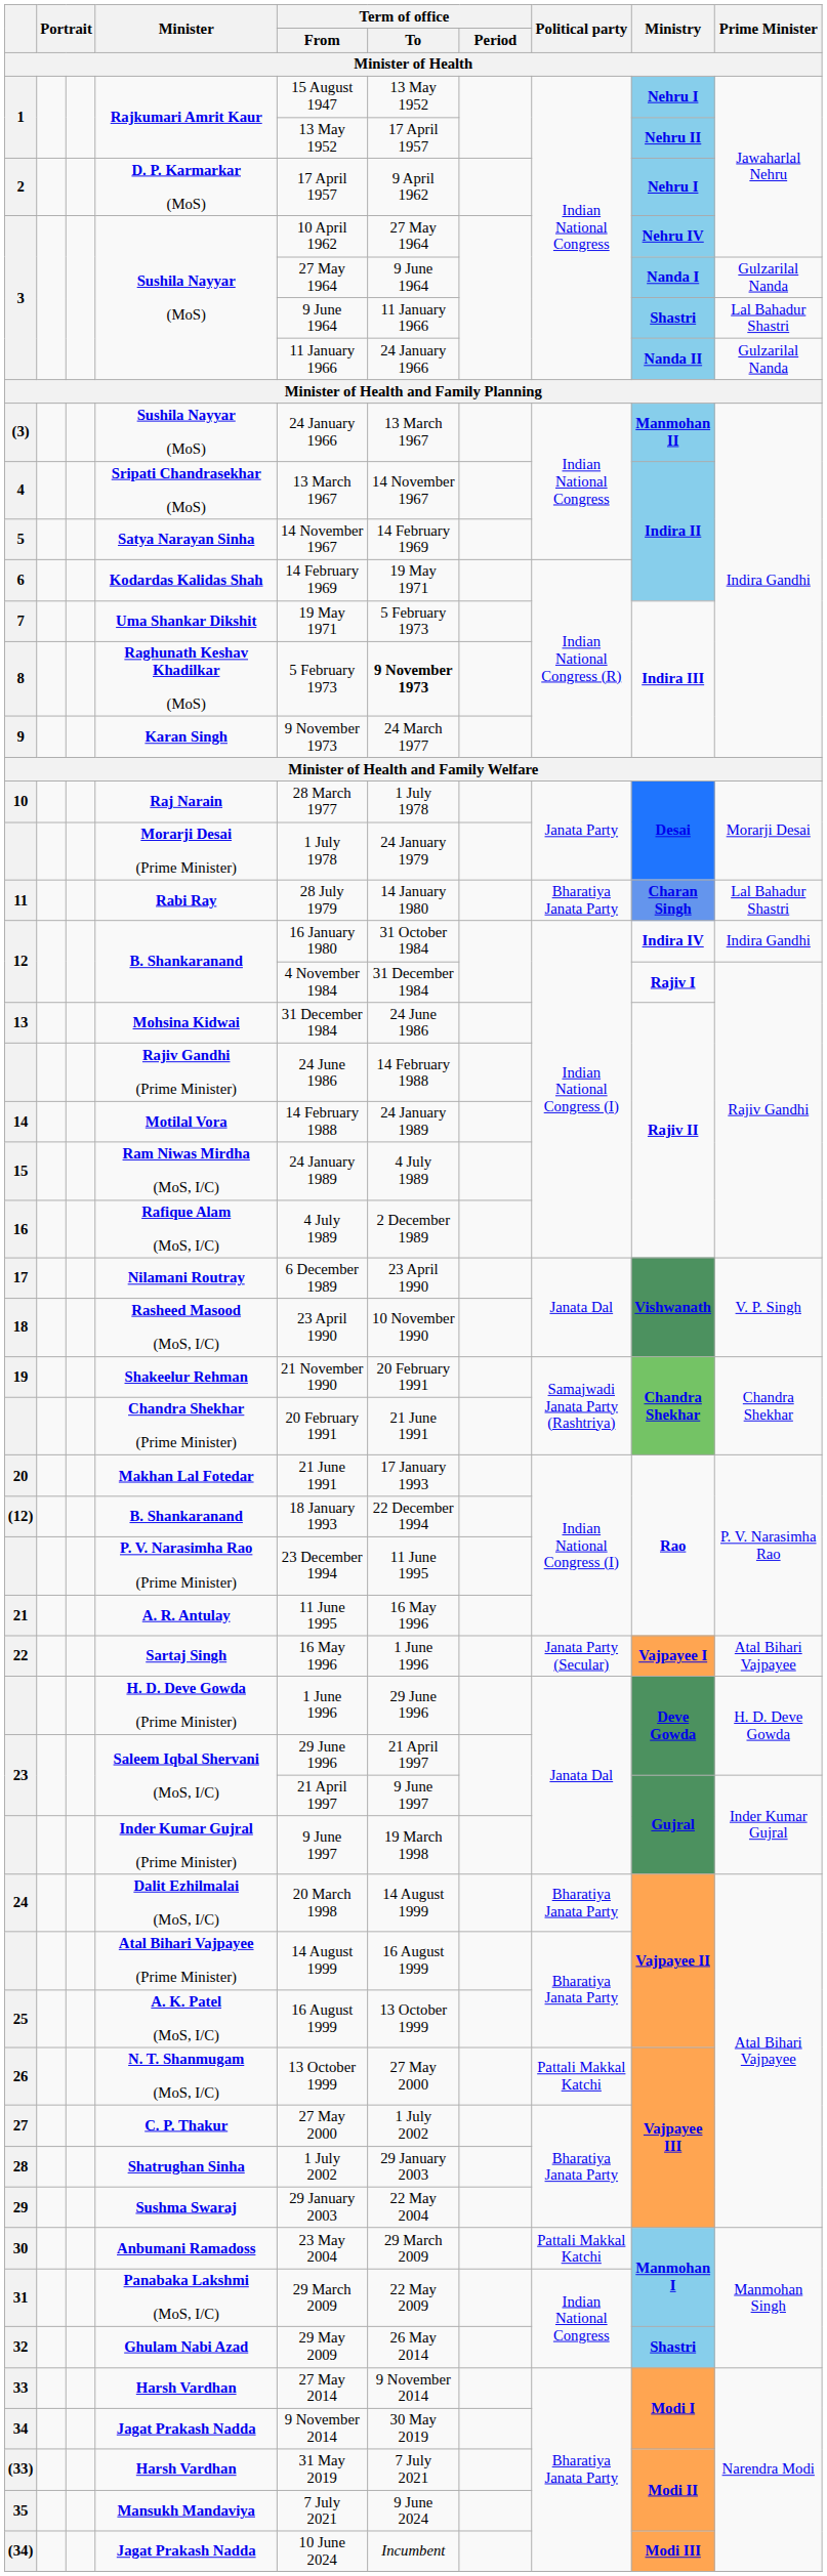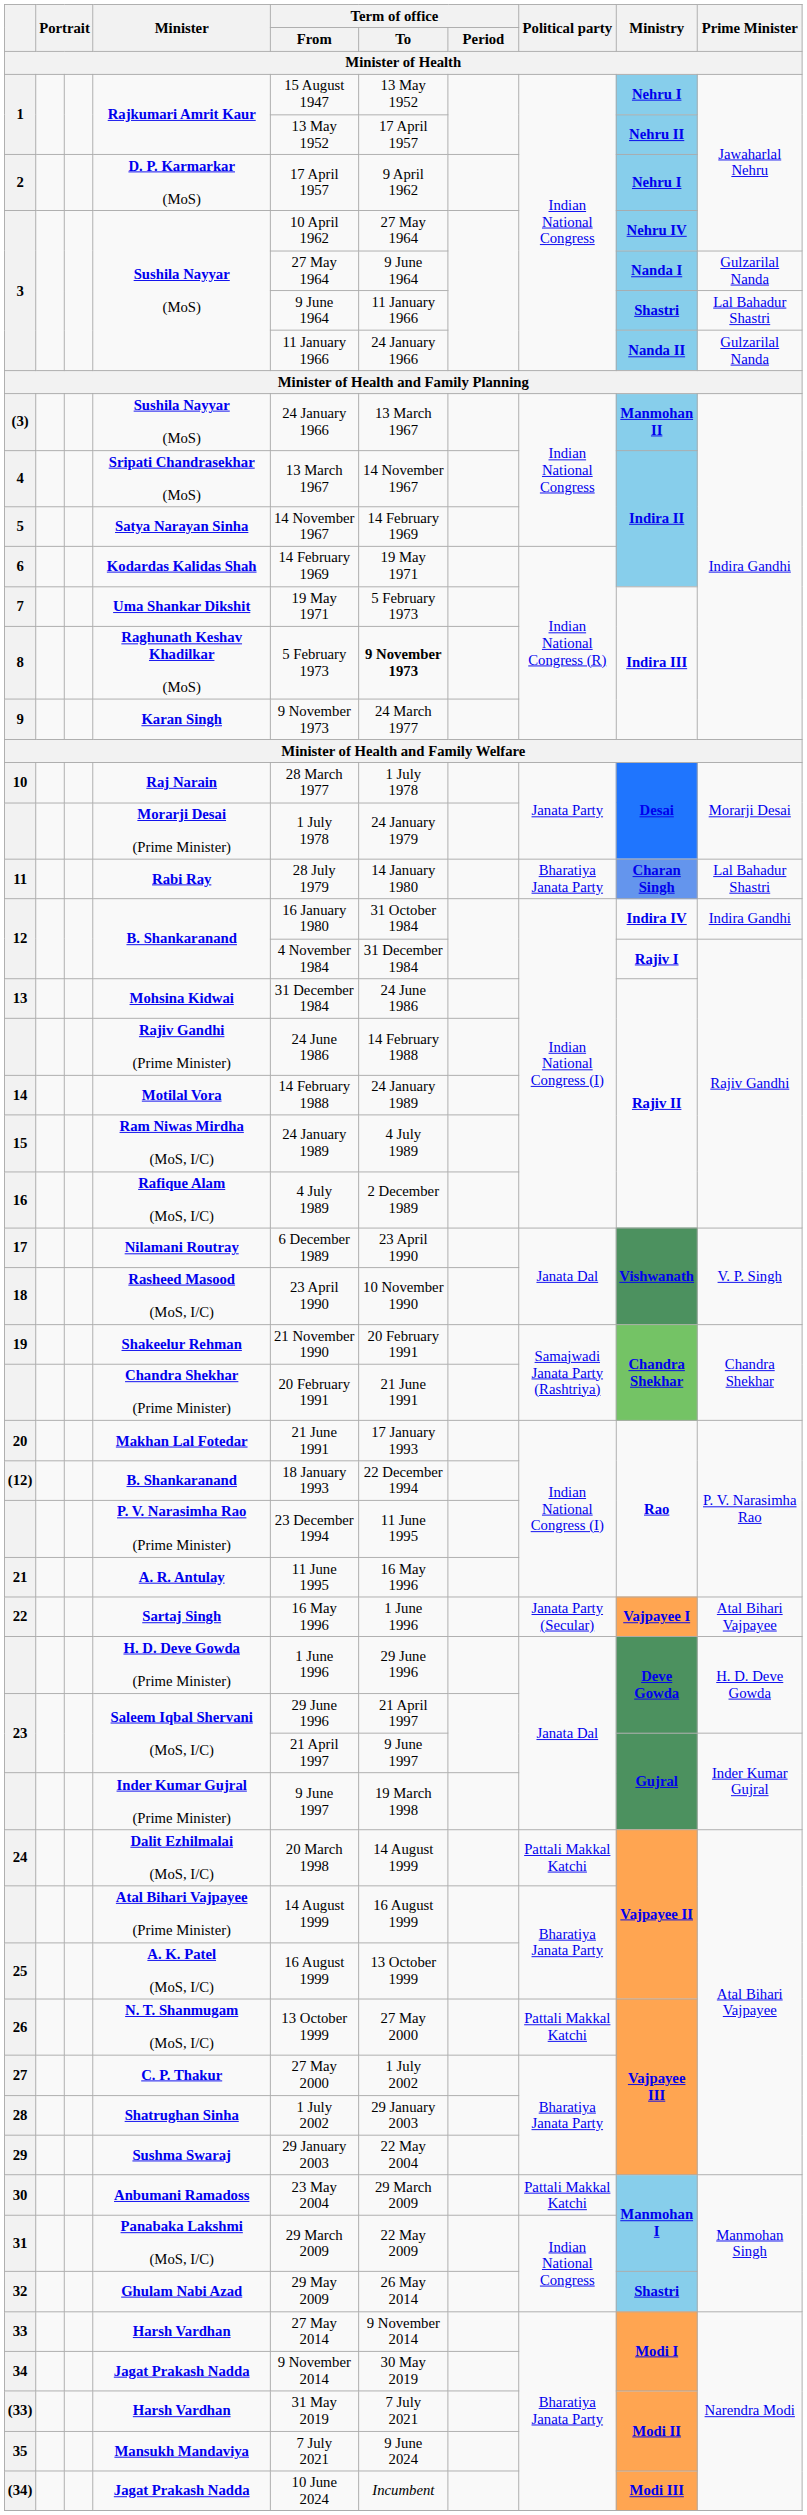 <table class="wikitable" style="text-align:center">
 <tr>
 <th rowspan="2"></th>
 <th rowspan="2" colspan="2">Portrait</th>
 <th rowspan="2" style="width:17em">Minister<br></th>
 <th colspan="3">Term of office</th>
 <th rowspan="2" style="width:8em">Political party</th>
 <th rowspan="2">Ministry</th>
 <th rowspan="2" style="width:9em">Prime Minister</th>
 </tr>
 <tr>
 <th style="width:7em">From</th>
 <th style="width:7em">To</th>
 <th style="width:6em">Period</th>
 </tr>
 <tr>
 <th colspan="10">Minister of Health</th>
 </tr>
 <tr>
 <th rowspan="2">1</th>
 <td rowspan="2"></td>
 <td rowspan="2"></td>
 <td rowspan="2"><strong><a href='#'>Rajkumari Amrit Kaur</a></strong> <br></td>
 <td>15 August<br>1947</td>
 <td>13 May<br>1952</td>
 <td rowspan="2"><strong></strong></td>
 <td rowspan="7"><a href='#'>Indian National Congress</a></td>
 <td bgcolor="#87CEEB"><strong><a href='#'>Nehru I</a></strong></td>
 <td rowspan="4"><a href='#'>Jawaharlal Nehru</a></td>
 </tr>
 <tr>
 <td>13 May<br>1952</td>
 <td>17 April<br>1957</td>
 <td bgcolor="#87CEEB"><strong><a href='#'>Nehru II</a></strong></td>
 </tr>
 <tr>
 <th>2</th>
 <td></td>
 <td></td>
 <td><strong><a href='#'>D. P. Karmarkar</a></strong><br><br>(MoS)</td>
 <td>17 April<br>1957</td>
 <td>9 April<br>1962</td>
 <td><strong></strong></td>
 <td bgcolor="#87CEEB"><strong><a href='#'>Nehru I</a></strong></td>
 </tr>
 <tr>
 <th rowspan="4">3</th>
 <td rowspan="4"></td>
 <td rowspan="4"></td>
 <td rowspan="4"><strong><a href='#'>Sushila Nayyar</a></strong><br><br>(MoS)</td>
 <td>10 April<br>1962</td>
 <td>27 May<br>1964</td>
 <td rowspan="4"><strong></strong></td>
 <td bgcolor="#87CEEB"><strong><a href='#'>Nehru IV</a></strong></td>
 </tr>
 <tr>
 <td>27 May<br>1964</td>
 <td>9 June<br>1964</td>
 <td bgcolor="#87CEEB"><strong><a href='#'>Nanda I</a></strong></td>
 <td><a href='#'>Gulzarilal Nanda</a><br></td>
 </tr>
 <tr>
 <td>9 June<br>1964</td>
 <td>11 January<br>1966</td>
 <td bgcolor="#87CEEB"><strong><a href='#'>Shastri</a></strong></td>
 <td><a href='#'>Lal Bahadur Shastri</a></td>
 </tr>
 <tr>
 <td>11 January<br>1966</td>
 <td>24 January<br>1966</td>
 <td bgcolor="#87CEEB"><strong><a href='#'>Nanda II</a></strong></td>
 <td><a href='#'>Gulzarilal Nanda</a><br></td>
 </tr>
 <tr>
 <th colspan="10">Minister of Health and Family Planning</th>
 </tr>
 <tr>
 <th>(3)</th>
 <td></td>
 <td></td>
 <td><strong><a href='#'>Sushila Nayyar</a></strong><br><br>(MoS)</td>
 <td>24 January<br>1966</td>
 <td>13 March<br>1967</td>
 <td><strong></strong></td>
 <td rowspan="3"><a href='#'>Indian National Congress</a></td>
 <td bgcolor="#87CEEB"><a href='#'><strong>Manmohan II</strong></a></td>
 <td rowspan="7"><a href='#'>Indira Gandhi</a></td>
 </tr>
 <tr>
 <th>4</th>
 <td></td>
 <td></td>
 <td><strong><a href='#'>Sripati Chandrasekhar</a></strong><br><br>(MoS)</td>
 <td>13 March<br>1967</td>
 <td>14 November<br>1967</td>
 <td><strong></strong></td>
 <td rowspan="3" bgcolor="#87CEEB"><strong><a href='#'>Indira II</a></strong></td>
 </tr>
 <tr>
 <th>5</th>
 <td></td>
 <td></td>
 <td><strong><a href='#'>Satya Narayan Sinha</a></strong><br></td>
 <td>14 November<br>1967</td>
 <td>14 February<br>1969</td>
 <td><strong></strong></td>
 </tr>
 <tr>
 <th>6</th>
 <td></td>
 <td></td>
 <td><strong><a href='#'>Kodardas Kalidas Shah</a></strong><br></td>
 <td>14 February<br>1969</td>
 <td>19 May<br>1971</td>
 <td><strong></strong></td>
 <td rowspan="4"><a href='#'>Indian National Congress (R)</a></td>
 </tr>
 <tr>
 <th>7</th>
 <td></td>
 <td></td>
 <td><strong><a href='#'>Uma Shankar Dikshit</a></strong><br></td>
 <td>19 May<br>1971</td>
 <td>5 February<br>1973</td>
 <td><strong></strong></td>
 <td rowspan="3"><strong><a href='#'>Indira III</a></strong></td>
 </tr>
 <tr>
 <th>8</th>
 <td></td>
 <td></td>
 <td><strong><a href='#'>Raghunath Keshav Khadilkar</a></strong><br><br>(MoS)</td>
 <td>5 February<br>1973</td>
 <td><strong>9 November<br>1973</strong></td>
 <td><strong></strong></td>
 </tr>
 <tr>
 <th>9</th>
 <td></td>
 <td></td>
 <td><strong><a href='#'>Karan Singh</a></strong><br></td>
 <td>9 November<br>1973</td>
 <td>24 March<br>1977</td>
 <td><strong></strong></td>
 </tr>
 <tr>
 <th colspan="10">Minister of Health and Family Welfare</th>
 </tr>
 <tr>
 <th>10</th>
 <td></td>
 <td></td>
 <td><strong><a href='#'>Raj Narain</a></strong><br></td>
 <td>28 March<br>1977</td>
 <td>1 July<br>1978</td>
 <td><strong></strong></td>
 <td rowspan="2"><a href='#'>Janata Party</a></td>
 <td rowspan="2" bgcolor="#1F75FE"><strong><a href='#'>Desai</a></strong></td>
 <td rowspan="2"><a href='#'>Morarji Desai</a></td>
 </tr>
 <tr>
 <th></th>
 <td></td>
 <td></td>
 <td><strong><a href='#'>Morarji Desai</a></strong><br><br>(Prime Minister)</td>
 <td>1 July<br>1978</td>
 <td>24 January<br>1979</td>
 <td><strong></strong></td>
 </tr>
 <tr>
 <th>11</th>
 <td></td>
 <td></td>
 <td><strong><a href='#'>Rabi Ray</a></strong><br></td>
 <td>28 July<br>1979</td>
 <td>14 January<br>1980</td>
 <td><strong></strong></td>
 <td><a href='#'>Bharatiya Janata Party</a></td>
 <td bgcolor="#6495ED"><strong><a href='#'>Charan Singh</a></strong></td>
 <td><a href='#'>Lal Bahadur Shastri</a></td>
 </tr>
 <tr>
 <th rowspan="2">12</th>
 <td rowspan="2"></td>
 <td rowspan="2"></td>
 <td rowspan="2"><strong><a href='#'>B. Shankaranand</a></strong><br></td>
 <td>16 January<br>1980</td>
 <td>31 October<br>1984</td>
 <td rowspan="2"><strong></strong></td>
 <td rowspan="7"><a href='#'>Indian National Congress (I)</a></td>
 <td><strong><a href='#'>Indira IV</a></strong></td>
 <td><a href='#'>Indira Gandhi</a></td>
 </tr>
 <tr>
 <td>4 November<br>1984</td>
 <td>31 December<br>1984</td>
 <td><strong><a href='#'>Rajiv I</a></strong></td>
 <td rowspan="6"><a href='#'>Rajiv Gandhi</a></td>
 </tr>
 <tr>
 <th>13</th>
 <td></td>
 <td></td>
 <td><strong><a href='#'>Mohsina Kidwai</a></strong><br></td>
 <td>31 December<br>1984</td>
 <td>24 June<br>1986</td>
 <td><strong></strong></td>
 <td rowspan="5"><strong><a href='#'>Rajiv II</a></strong></td>
 </tr>
 <tr>
 <th></th>
 <td></td>
 <td></td>
 <td><strong><a href='#'>Rajiv Gandhi</a></strong><br><br>(Prime Minister)</td>
 <td>24 June<br>1986</td>
 <td>14 February<br>1988</td>
 <td><strong></strong></td>
 </tr>
 <tr>
 <th>14</th>
 <td></td>
 <td></td>
 <td><strong><a href='#'>Motilal Vora</a></strong><br></td>
 <td>14 February<br>1988</td>
 <td>24 January<br>1989</td>
 <td><strong></strong></td>
 </tr>
 <tr>
 <th>15</th>
 <td></td>
 <td></td>
 <td><strong><a href='#'>Ram Niwas Mirdha</a></strong><br><br>(MoS, I/C)</td>
 <td>24 January<br>1989</td>
 <td>4 July<br>1989</td>
 <td><strong></strong></td>
 </tr>
 <tr>
 <th>16</th>
 <td></td>
 <td></td>
 <td><strong><a href='#'>Rafique Alam</a></strong><br><br>(MoS, I/C)</td>
 <td>4 July<br>1989</td>
 <td>2 December<br>1989</td>
 <td><strong></strong></td>
 </tr>
 <tr>
 <th>17</th>
 <td></td>
 <td></td>
 <td><strong><a href='#'>Nilamani Routray</a></strong><br></td>
 <td>6 December<br>1989</td>
 <td>23 April<br>1990</td>
 <td><strong></strong></td>
 <td rowspan="2"><a href='#'>Janata Dal</a></td>
 <td rowspan="2" style="background:#4C915F"><strong><a href='#'>Vishwanath</a></strong></td>
 <td rowspan="2"><a href='#'>V. P. Singh</a></td>
 </tr>
 <tr>
 <th>18</th>
 <td></td>
 <td></td>
 <td><strong><a href='#'>Rasheed Masood</a></strong><br><br>(MoS, I/C)</td>
 <td>23 April<br>1990</td>
 <td>10 November<br>1990</td>
 <td><strong></strong></td>
 </tr>
 <tr>
 <th>19</th>
 <td></td>
 <td></td>
 <td><strong><a href='#'>Shakeelur Rehman</a></strong><br></td>
 <td>21 November<br>1990</td>
 <td>20 February<br>1991</td>
 <td><strong></strong></td>
 <td rowspan="2"><a href='#'>Samajwadi Janata Party (Rashtriya)</a></td>
 <td rowspan="2" style="background:#74C365"><strong><a href='#'>Chandra Shekhar</a></strong></td>
 <td rowspan="2"><a href='#'>Chandra Shekhar</a></td>
 </tr>
 <tr>
 <th></th>
 <td></td>
 <td></td>
 <td><strong><a href='#'>Chandra Shekhar</a></strong><br><br>(Prime Minister)</td>
 <td>20 February<br>1991</td>
 <td>21 June<br>1991</td>
 <td><strong></strong></td>
 </tr>
 <tr>
 <th>20</th>
 <td></td>
 <td></td>
 <td><strong><a href='#'>Makhan Lal Fotedar</a></strong><br></td>
 <td>21 June<br>1991</td>
 <td>17 January<br>1993</td>
 <td><strong></strong></td>
 <td rowspan="4"><a href='#'>Indian National Congress (I)</a></td>
 <td rowspan="4"><a href='#'><strong>Rao</strong></a></td>
 <td rowspan="4"><a href='#'>P. V. Narasimha Rao</a></td>
 </tr>
 <tr>
 <th>(12)</th>
 <td></td>
 <td></td>
 <td><strong><a href='#'>B. Shankaranand</a></strong><br></td>
 <td>18 January<br>1993</td>
 <td>22 December<br>1994</td>
 <td><strong></strong></td>
 </tr>
 <tr>
 <th></th>
 <td></td>
 <td></td>
 <td><strong><a href='#'>P. V. Narasimha Rao</a></strong><br><br>(Prime Minister)</td>
 <td>23 December<br>1994</td>
 <td>11 June<br>1995</td>
 <td><strong></strong></td>
 </tr>
 <tr>
 <th>21</th>
 <td></td>
 <td></td>
 <td><strong><a href='#'>A. R. Antulay</a></strong><br></td>
 <td>11 June<br>1995</td>
 <td>16 May<br>1996</td>
 <td><strong></strong></td>
 </tr>
 <tr>
 <th>22</th>
 <td></td>
 <td></td>
 <td><strong><a href='#'>Sartaj Singh</a></strong><br></td>
 <td>16 May<br>1996</td>
 <td>1 June<br>1996</td>
 <td><strong></strong></td>
 <td><a href='#'>Janata Party (Secular)</a></td>
 <td style="background:#FFA551;"><strong><a href='#'>Vajpayee I</a></strong></td>
 <td><a href='#'>Atal Bihari Vajpayee</a></td>
 </tr>
 <tr>
 <th></th>
 <td></td>
 <td></td>
 <td><strong><a href='#'>H. D. Deve Gowda</a></strong><br><br>(Prime Minister)</td>
 <td>1 June<br>1996</td>
 <td>29 June<br>1996</td>
 <td><strong></strong></td>
 <td rowspan="4"><a href='#'>Janata Dal</a></td>
 <td rowspan="2" style="background:#4C915F"><strong><a href='#'>Deve Gowda</a></strong></td>
 <td rowspan="2"><a href='#'>H. D. Deve Gowda</a></td>
 </tr>
 <tr>
 <th rowspan="2">23</th>
 <td rowspan="2"></td>
 <td rowspan="2"></td>
 <td rowspan="2"><strong><a href='#'>Saleem Iqbal Shervani</a></strong><br><br>(MoS, I/C)</td>
 <td>29 June<br>1996</td>
 <td>21 April<br>1997</td>
 <td rowspan="2"><strong></strong></td>
 </tr>
 <tr>
 <td>21 April<br>1997</td>
 <td>9 June<br>1997</td>
 <td rowspan="2" style="background:#4C915F"><strong><a href='#'>Gujral</a></strong></td>
 <td rowspan="2"><a href='#'>Inder Kumar Gujral</a></td>
 </tr>
 <tr>
 <th></th>
 <td></td>
 <td></td>
 <td><strong><a href='#'>Inder Kumar Gujral</a></strong><br><br>(Prime Minister)</td>
 <td>9 June<br>1997</td>
 <td>19 March<br>1998</td>
 <td><strong></strong></td>
 </tr>
 <tr>
 <th>24</th>
 <td></td>
 <td></td>
 <td><strong><a href='#'>Dalit Ezhilmalai</a></strong><br><br>(MoS, I/C)</td>
 <td>20 March<br>1998</td>
 <td>14 August<br>1999</td>
 <td><strong></strong></td>
-<td><a href='#'>Bharatiya Janata Party</a></td>
+<td><a href='#'>Pattali Makkal Katchi</a></td>
 <td rowspan="3" style="background:#FFA551;"><strong><a href='#'>Vajpayee II</a></strong></td>
 <td rowspan="7"><a href='#'>Atal Bihari Vajpayee</a></td>
 </tr>
 <tr>
 <th></th>
 <td></td>
 <td></td>
 <td><strong><a href='#'>Atal Bihari Vajpayee</a></strong><br><br>(Prime Minister)</td>
 <td>14 August<br>1999</td>
 <td>16 August<br>1999</td>
 <td><strong></strong></td>
 <td rowspan="2"><a href='#'>Bharatiya Janata Party</a></td>
 </tr>
 <tr>
 <th>25</th>
 <td></td>
 <td></td>
 <td><strong><a href='#'>A. K. Patel</a></strong><br><br>(MoS, I/C)</td>
 <td>16 August<br>1999</td>
 <td>13 October<br>1999</td>
 <td><strong></strong></td>
 </tr>
 <tr>
 <th>26</th>
 <td></td>
 <td></td>
 <td><strong><a href='#'>N. T. Shanmugam</a></strong><br><br>(MoS, I/C)</td>
 <td>13 October<br>1999</td>
 <td>27 May<br>2000</td>
 <td><strong></strong></td>
 <td><a href='#'>Pattali Makkal Katchi</a></td>
 <td rowspan="4" style="background:#FFA551;"><strong><a href='#'>Vajpayee III</a></strong></td>
 </tr>
 <tr>
 <th>27</th>
 <td></td>
 <td></td>
 <td><strong><a href='#'>C. P. Thakur</a></strong><br></td>
 <td>27 May<br>2000</td>
 <td>1 July<br>2002</td>
 <td><strong></strong></td>
 <td rowspan="3"><a href='#'>Bharatiya Janata Party</a></td>
 </tr>
 <tr>
 <th>28</th>
 <td></td>
 <td></td>
 <td><strong><a href='#'>Shatrughan Sinha</a></strong><br></td>
 <td>1 July<br>2002</td>
 <td>29 January<br>2003</td>
 <td><strong></strong></td>
 </tr>
 <tr>
 <th>29</th>
 <td></td>
 <td></td>
 <td><strong><a href='#'>Sushma Swaraj</a></strong><br></td>
 <td>29 January<br>2003</td>
 <td>22 May<br>2004</td>
 <td><strong></strong></td>
 </tr>
 <tr>
 <th>30</th>
 <td></td>
 <td></td>
 <td><strong><a href='#'>Anbumani Ramadoss</a></strong><br></td>
 <td>23 May<br>2004</td>
 <td>29 March<br>2009</td>
 <td><strong></strong></td>
 <td><a href='#'>Pattali Makkal Katchi</a></td>
 <td rowspan="2" bgcolor="#87CEEB"><a href='#'><strong>Manmohan I</strong></a></td>
 <td rowspan="3"><a href='#'>Manmohan Singh</a></td>
 </tr>
 <tr>
 <th>31</th>
 <td></td>
 <td></td>
 <td><strong><a href='#'>Panabaka Lakshmi</a></strong><br><br>(MoS, I/C)</td>
 <td>29 March<br>2009</td>
 <td>22 May<br>2009</td>
 <td><strong></strong></td>
 <td rowspan="2"><a href='#'>Indian National Congress</a></td>
 </tr>
 <tr>
 <th>32</th>
 <td></td>
 <td></td>
 <td><strong><a href='#'>Ghulam Nabi Azad</a></strong><br></td>
 <td>29 May<br>2009</td>
 <td>26 May<br>2014</td>
 <td><strong></strong></td>
 <td bgcolor="#87CEEB"><strong><a href='#'>Shastri</a></strong></td>
 </tr>
 <tr>
 <th>33</th>
 <td></td>
 <td></td>
 <td><strong><a href='#'>Harsh Vardhan</a></strong><br></td>
 <td>27 May<br>2014</td>
 <td>9 November<br>2014</td>
 <td><strong></strong></td>
 <td rowspan="5"><a href='#'>Bharatiya Janata Party</a></td>
 <td rowspan="2" style="background:#FFA551;"><strong><a href='#'>Modi I</a></strong></td>
 <td rowspan="5"><a href='#'>Narendra Modi</a></td>
 </tr>
 <tr>
 <th>34</th>
 <td></td>
 <td></td>
 <td><strong><a href='#'>Jagat Prakash Nadda</a></strong><br></td>
 <td>9 November<br>2014</td>
 <td>30 May<br>2019</td>
 <td><strong></strong></td>
 </tr>
 <tr>
 <th>(33)</th>
 <td></td>
 <td></td>
 <td><strong><a href='#'>Harsh Vardhan</a></strong><br></td>
 <td>31 May<br>2019</td>
 <td>7 July<br>2021</td>
 <td><strong></strong></td>
 <td rowspan="2" style="background:#FFA551;"><strong><a href='#'>Modi II</a></strong></td>
 </tr>
 <tr>
 <th>35</th>
 <td></td>
 <td></td>
 <td><strong><a href='#'>Mansukh Mandaviya</a></strong><br></td>
 <td>7 July<br>2021</td>
 <td>9 June<br>2024</td>
 <td><strong></strong></td>
 </tr>
 <tr>
 <th>(34)</th>
 <td></td>
 <td></td>
 <td><strong><a href='#'>Jagat Prakash Nadda</a></strong><br></td>
 <td>10 June<br>2024</td>
 <td><em>Incumbent</em></td>
 <td><strong></strong></td>
 <td rowspan="2" style="background:#FFA551;"><strong><a href='#'>Modi III</a></strong></td>
 </tr>
 <tr>
 </tr>
 </table>
